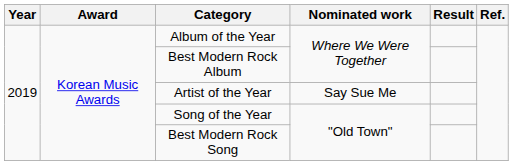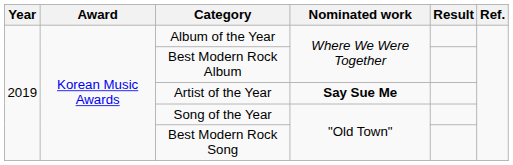 <table class="wikitable plainrowheaders" style="text-align:center;">
 <tr>
 <th>Year</th>
 <th>Award</th>
 <th>Category</th>
 <th>Nominated work</th>
 <th>Result</th>
 <th>Ref.</th>
 </tr>
 <tr>
 <td rowspan="5">2019</td>
 <td rowspan="5"><a href='#'>Korean Music Awards</a></td>
 <td>Album of the Year</td>
 <td rowspan="2"><em>Where We Were Together</em></td>
 <td></td>
 <td rowspan="5"></td>
 </tr>
 <tr>
 <td>Best Modern Rock Album</td>
 <td></td>
 </tr>
 <tr>
 <td>Artist of the Year</td>
-<td>Say Sue Me</td>
+<td><strong>Say Sue Me</strong></td>
 <td></td>
 </tr>
 <tr>
 <td>Song of the Year</td>
 <td rowspan="2">"Old Town"</td>
 <td></td>
 </tr>
 <tr>
 <td>Best Modern Rock Song</td>
 <td></td>
 </tr>
 </table>
